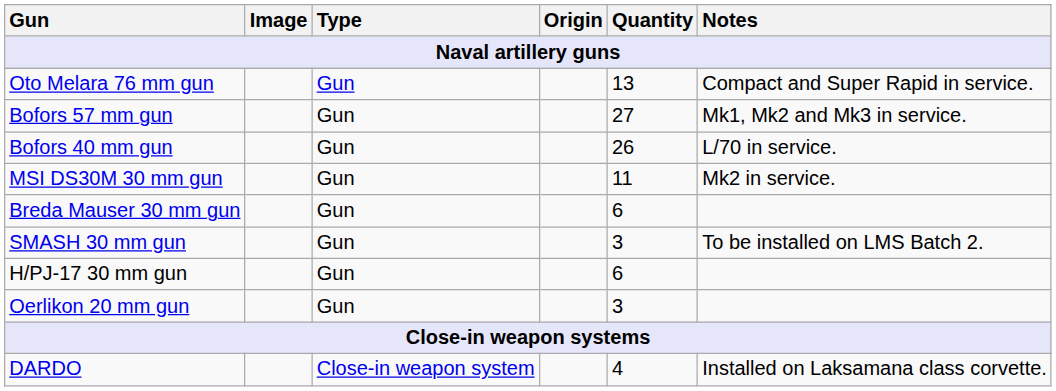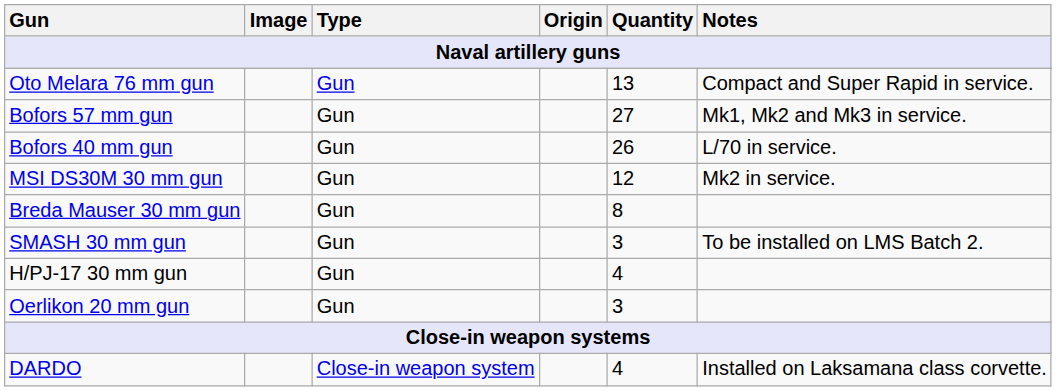 <table class="wikitable">
 <tr>
 <th style="text-align: left;">Gun</th>
 <th style="text-align: left;">Image</th>
 <th style="text-align: left;">Type</th>
 <th style="text-align: left;">Origin</th>
 <th style="text-align: left;">Quantity</th>
 <th style="text-align: left;">Notes</th>
 </tr>
 <tr>
 <th style="align: center; background: lavender;" colspan="7">Naval artillery guns</th>
 </tr>
 <tr --->
 </tr>
 <tr>
 <td><a href='#'>Oto Melara 76 mm gun</a></td>
 <td></td>
 <td><a href='#'>Gun</a></td>
 <td></td>
 <td>13</td>
 <td>Compact and Super Rapid in service.</td>
 </tr>
 <tr>
 <td><a href='#'>Bofors 57 mm gun</a></td>
 <td></td>
 <td>Gun</td>
 <td></td>
 <td>27</td>
 <td>Mk1, Mk2 and Mk3 in service.</td>
 </tr>
 <tr>
 <td><a href='#'>Bofors 40 mm gun</a></td>
 <td></td>
 <td>Gun</td>
 <td></td>
 <td>26</td>
 <td>L/70 in service.</td>
 </tr>
 <tr>
 <td><a href='#'>MSI DS30M 30 mm gun</a></td>
 <td></td>
 <td>Gun</td>
 <td></td>
-<td>11</td>
+<td>12</td>
 <td>Mk2 in service.</td>
 </tr>
 <tr>
 <td><a href='#'>Breda Mauser 30 mm gun</a></td>
 <td></td>
 <td>Gun</td>
 <td></td>
-<td>6</td>
+<td>8</td>
 <td></td>
 </tr>
 <tr>
 <td><a href='#'>SMASH 30 mm gun</a></td>
 <td></td>
 <td>Gun</td>
 <td></td>
 <td>3</td>
 <td>To be installed on LMS Batch 2.</td>
 </tr>
 <tr>
 <td>H/PJ-17 30 mm gun</td>
 <td></td>
 <td>Gun</td>
 <td></td>
-<td>6</td>
+<td>4</td>
 <td></td>
 </tr>
 <tr>
 <td><a href='#'>Oerlikon 20 mm gun</a></td>
 <td></td>
 <td>Gun</td>
 <td></td>
 <td>3</td>
 <td></td>
 </tr>
 <tr>
 <th style="align: center; background: lavender;" colspan="7">Close-in weapon systems</th>
 </tr>
 <tr>
 <td><a href='#'>DARDO</a></td>
 <td></td>
 <td><a href='#'>Close-in weapon system</a></td>
 <td></td>
 <td>4</td>
 <td>Installed on Laksamana class corvette.</td>
 </tr>
 </table>
